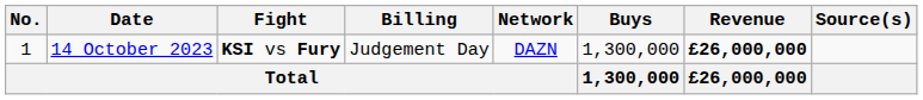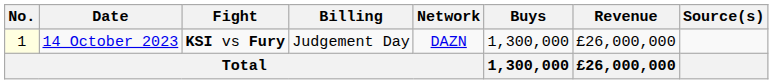 <table class="wikitable sortable">
 <tr>
 <th>No.</th>
 <th>Date</th>
 <th>Fight</th>
 <th>Billing</th>
 <th>Network</th>
 <th>Buys</th>
 <th>Revenue</th>
 <th>Source(s)</th>
 </tr>
 <tr>
-<td align="center">1</td>
+<td align="center" style="background: lightyellow;">1</td>
 <td align="center"><a href='#'>14 October 2023</a></td>
 <td align="center"><strong>KSI</strong> vs <strong>Fury</strong></td>
 <td align="center">Judgement Day</td>
 <td align="center"><a href='#'>DAZN</a></td>
 <td align="center">1,300,000</td>
-<td align="center"><strong>£26,000,000</strong></td>
+<td align="center">£26,000,000</td>
 <td align="center"></td>
 </tr>
 <tr>
 <th colspan="5">Total</th>
 <th>1,300,000</th>
 <th>£26,000,000</th>
 <th></th>
 </tr>
 </table>
